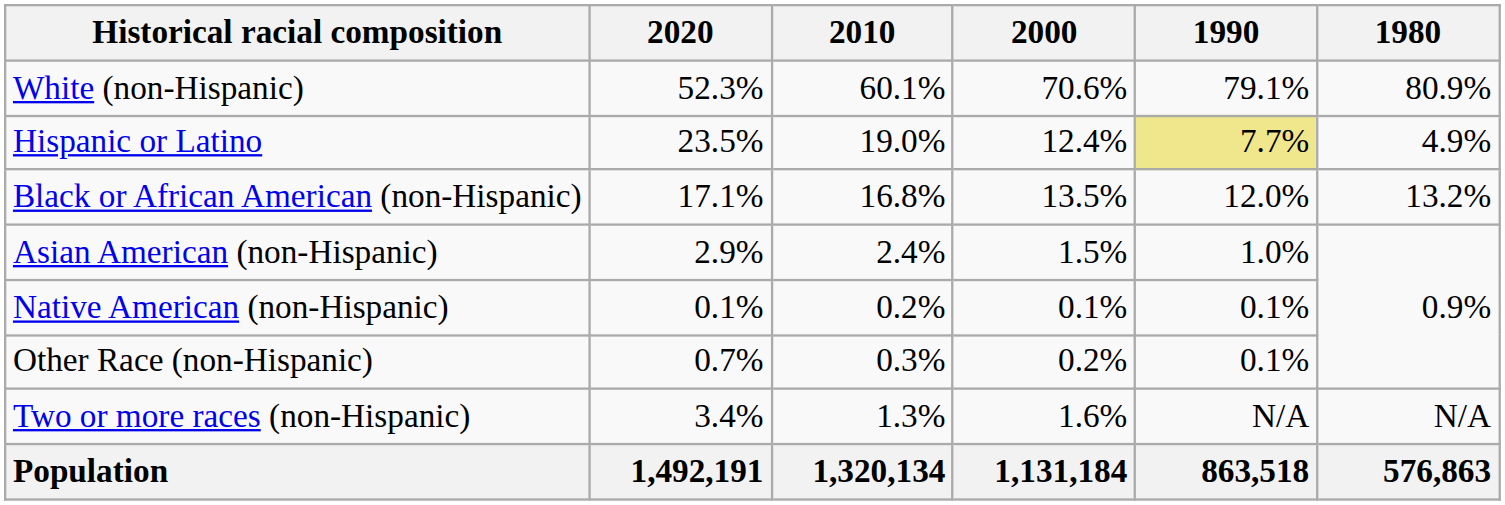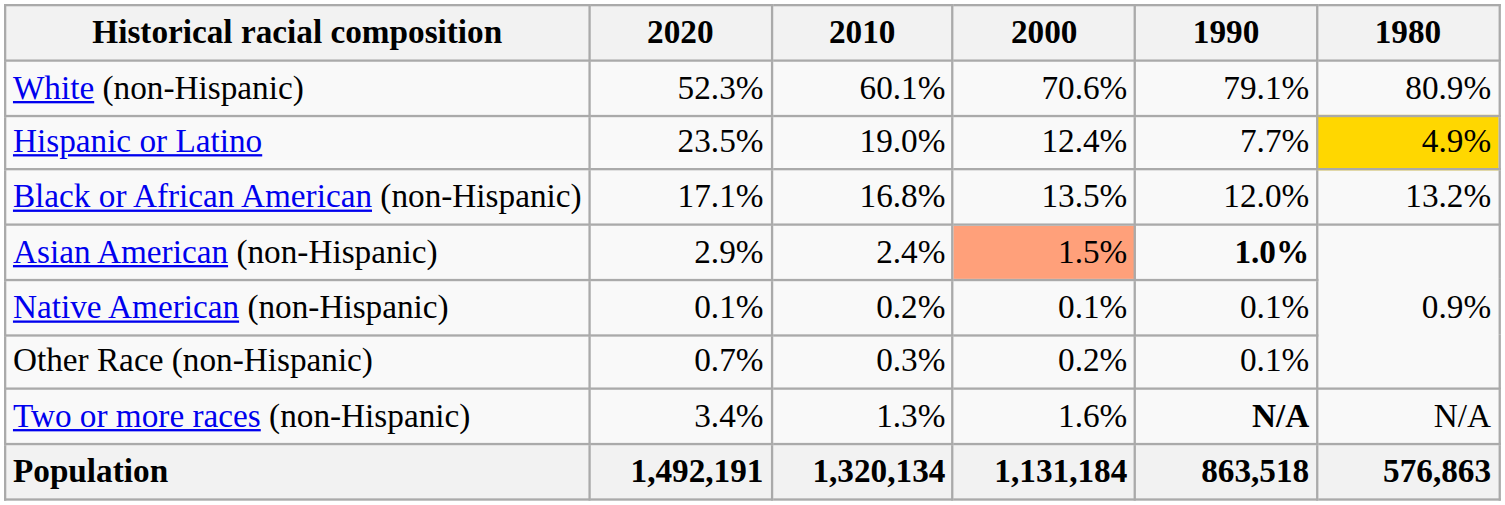 <table class="wikitable" style="font-size: 90%; text-align: right;">
 <tr>
 <th>Historical racial composition</th>
 <th style="width: 5em;">2020</th>
 <th style="width: 5em;">2010</th>
 <th style="width: 5em;">2000</th>
 <th style="width: 5em;">1990</th>
 <th style="width: 5em;">1980</th>
 </tr>
 <tr>
 <td style="text-align:left"><a href='#'>White</a> (non-Hispanic)</td>
 <td>52.3%</td>
 <td>60.1%</td>
 <td>70.6%</td>
 <td>79.1%</td>
 <td>80.9%</td>
 </tr>
 <tr>
 <td style="text-align:left"><a href='#'>Hispanic or Latino</a></td>
 <td>23.5%</td>
 <td>19.0%</td>
 <td>12.4%</td>
-<td style="background: khaki;">7.7%</td>
-<td>4.9%</td>
+<td>7.7%</td>
+<td style="background: gold;">4.9%</td>
 </tr>
 <tr>
 <td style="text-align:left"><a href='#'>Black or African American</a> (non-Hispanic)</td>
 <td>17.1%</td>
 <td>16.8%</td>
 <td>13.5%</td>
 <td>12.0%</td>
 <td>13.2%</td>
 </tr>
 <tr>
 <td style="text-align:left"><a href='#'>Asian American</a> (non-Hispanic)</td>
 <td>2.9%</td>
 <td>2.4%</td>
-<td>1.5%</td>
-<td>1.0%</td>
+<td style="background: lightsalmon;">1.5%</td>
+<td><strong>1.0%</strong></td>
 <td rowspan="3">0.9%</td>
 </tr>
 <tr>
 <td style="text-align:left"><a href='#'>Native American</a> (non-Hispanic)</td>
 <td>0.1%</td>
 <td>0.2%</td>
 <td>0.1%</td>
 <td>0.1%</td>
 </tr>
 <tr>
 <td style="text-align:left">Other Race (non-Hispanic)</td>
 <td>0.7%</td>
 <td>0.3%</td>
 <td>0.2%</td>
 <td>0.1%</td>
 </tr>
 <tr>
 <td style="text-align:left"><a href='#'>Two or more races</a> (non-Hispanic)</td>
 <td>3.4%</td>
 <td>1.3%</td>
 <td>1.6%</td>
-<td>N/A</td>
+<td><strong>N/A</strong></td>
 <td>N/A</td>
 </tr>
 <tr>
 <th style="text-align:left">Population</th>
 <th style="text-align:right">1,492,191</th>
 <th style="text-align:right">1,320,134</th>
 <th style="text-align:right">1,131,184</th>
 <th style="text-align:right">863,518</th>
 <th style="text-align:right">576,863</th>
 </tr>
 </table>
